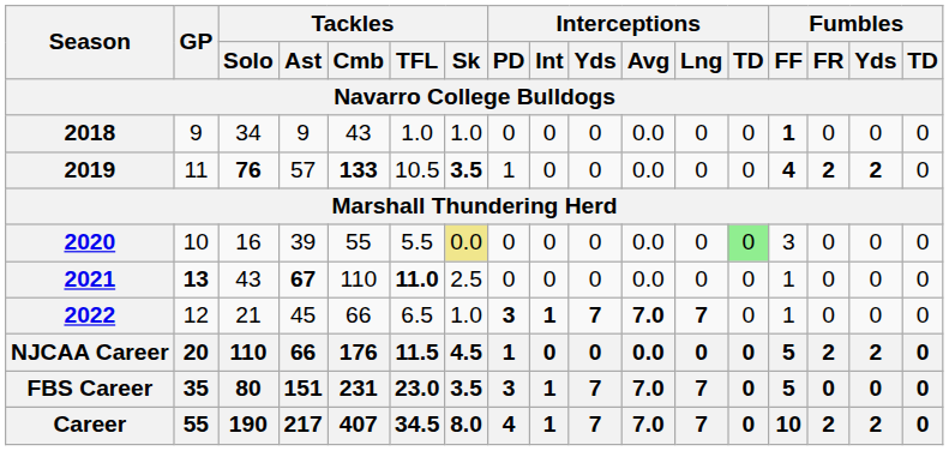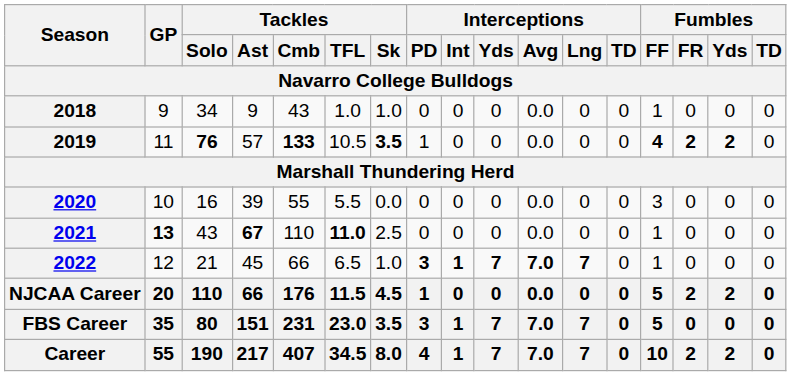 <table class="wikitable" style="text-align:center;">
 <tr>
 <th rowspan="2">Season</th>
 <th rowspan="2">GP</th>
 <th colspan="5">Tackles</th>
 <th colspan="6">Interceptions</th>
 <th colspan="4">Fumbles</th>
 </tr>
 <tr>
 <th>Solo</th>
 <th>Ast</th>
 <th>Cmb</th>
 <th>TFL</th>
 <th>Sk</th>
 <th>PD</th>
 <th>Int</th>
 <th>Yds</th>
 <th>Avg</th>
 <th>Lng</th>
 <th>TD</th>
 <th>FF</th>
 <th>FR</th>
 <th>Yds</th>
 <th>TD</th>
 </tr>
 <tr>
 <th colspan="20">Navarro College Bulldogs</th>
 </tr>
 <tr>
 <th>2018</th>
 <td>9</td>
 <td>34</td>
 <td>9</td>
 <td>43</td>
 <td>1.0</td>
 <td>1.0</td>
 <td>0</td>
 <td>0</td>
 <td>0</td>
 <td>0.0</td>
 <td>0</td>
 <td>0</td>
-<td><strong>1</strong></td>
+<td>1</td>
 <td>0</td>
 <td>0</td>
 <td>0</td>
 </tr>
 <tr>
 <th>2019</th>
 <td>11</td>
 <td><strong>76</strong></td>
 <td>57</td>
 <td><strong>133</strong></td>
 <td>10.5</td>
 <td><strong>3.5</strong></td>
 <td>1</td>
 <td>0</td>
 <td>0</td>
 <td>0.0</td>
 <td>0</td>
 <td>0</td>
 <td><strong>4</strong></td>
 <td><strong>2</strong></td>
 <td><strong>2</strong></td>
 <td>0</td>
 </tr>
 <tr>
 <th colspan="20">Marshall Thundering Herd</th>
 </tr>
 <tr>
 <th><a href='#'>2020</a></th>
 <td>10</td>
 <td>16</td>
 <td>39</td>
 <td>55</td>
 <td>5.5</td>
-<td style="background: khaki;">0.0</td>
+<td>0.0</td>
 <td>0</td>
 <td>0</td>
 <td>0</td>
 <td>0.0</td>
 <td>0</td>
-<td style="background: lightgreen;">0</td>
+<td>0</td>
 <td>3</td>
 <td>0</td>
 <td>0</td>
 <td>0</td>
 </tr>
 <tr>
 <th><a href='#'>2021</a></th>
 <td><strong>13</strong></td>
 <td>43</td>
 <td><strong>67</strong></td>
 <td>110</td>
 <td><strong>11.0</strong></td>
 <td>2.5</td>
 <td>0</td>
 <td>0</td>
 <td>0</td>
 <td>0.0</td>
 <td>0</td>
 <td>0</td>
 <td>1</td>
 <td>0</td>
 <td>0</td>
 <td>0</td>
 </tr>
 <tr>
 <th><a href='#'>2022</a></th>
 <td>12</td>
 <td>21</td>
 <td>45</td>
 <td>66</td>
 <td>6.5</td>
 <td>1.0</td>
 <td><strong>3</strong></td>
 <td><strong>1</strong></td>
 <td><strong>7</strong></td>
 <td><strong>7.0</strong></td>
 <td><strong>7</strong></td>
 <td>0</td>
 <td>1</td>
 <td>0</td>
 <td>0</td>
 <td>0</td>
 </tr>
 <tr>
 <th>NJCAA Career</th>
 <th>20</th>
 <th>110</th>
 <th>66</th>
 <th>176</th>
 <th>11.5</th>
 <th>4.5</th>
 <th>1</th>
 <th>0</th>
 <th>0</th>
 <th>0.0</th>
 <th>0</th>
 <th>0</th>
 <th>5</th>
 <th>2</th>
 <th>2</th>
 <th>0</th>
 </tr>
 <tr>
 <th>FBS Career</th>
 <th>35</th>
 <th>80</th>
 <th>151</th>
 <th>231</th>
 <th>23.0</th>
 <th>3.5</th>
 <th>3</th>
 <th>1</th>
 <th>7</th>
 <th>7.0</th>
 <th>7</th>
 <th>0</th>
 <th>5</th>
 <th>0</th>
 <th>0</th>
 <th>0</th>
 </tr>
 <tr>
 <th>Career</th>
 <th>55</th>
 <th>190</th>
 <th>217</th>
 <th>407</th>
 <th>34.5</th>
 <th>8.0</th>
 <th>4</th>
 <th>1</th>
 <th>7</th>
 <th>7.0</th>
 <th>7</th>
 <th>0</th>
 <th>10</th>
 <th>2</th>
 <th>2</th>
 <th>0</th>
 </tr>
 </table>
